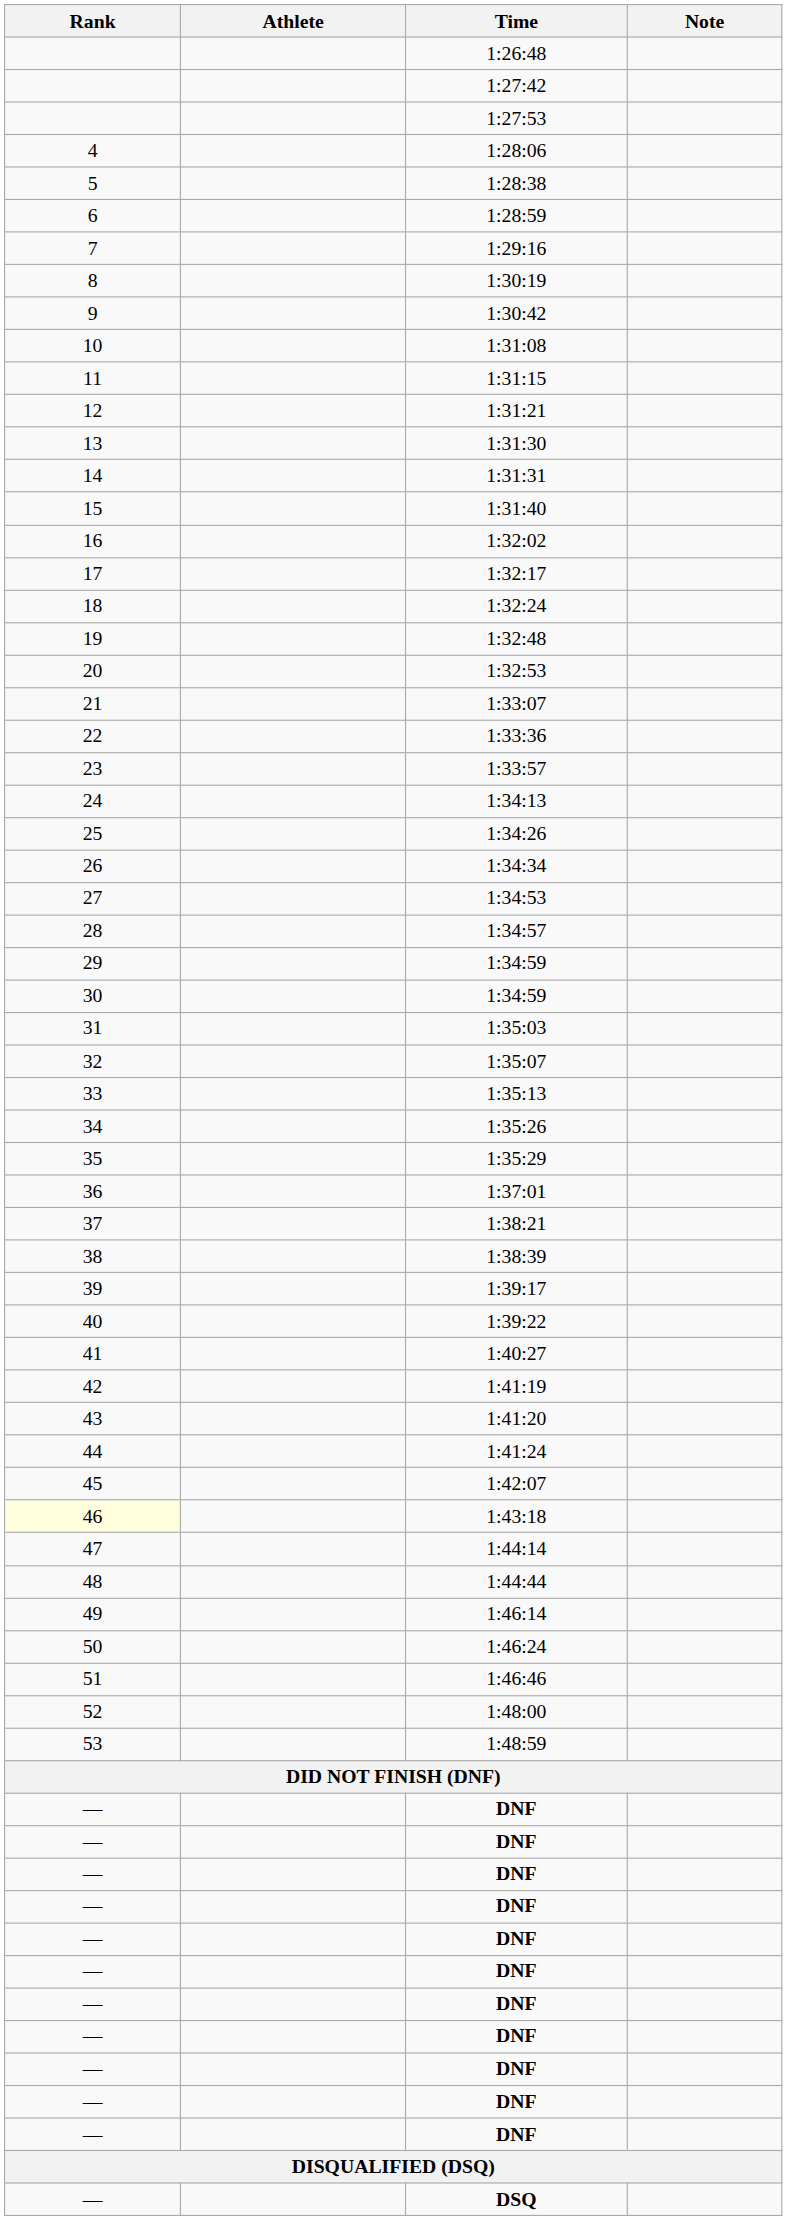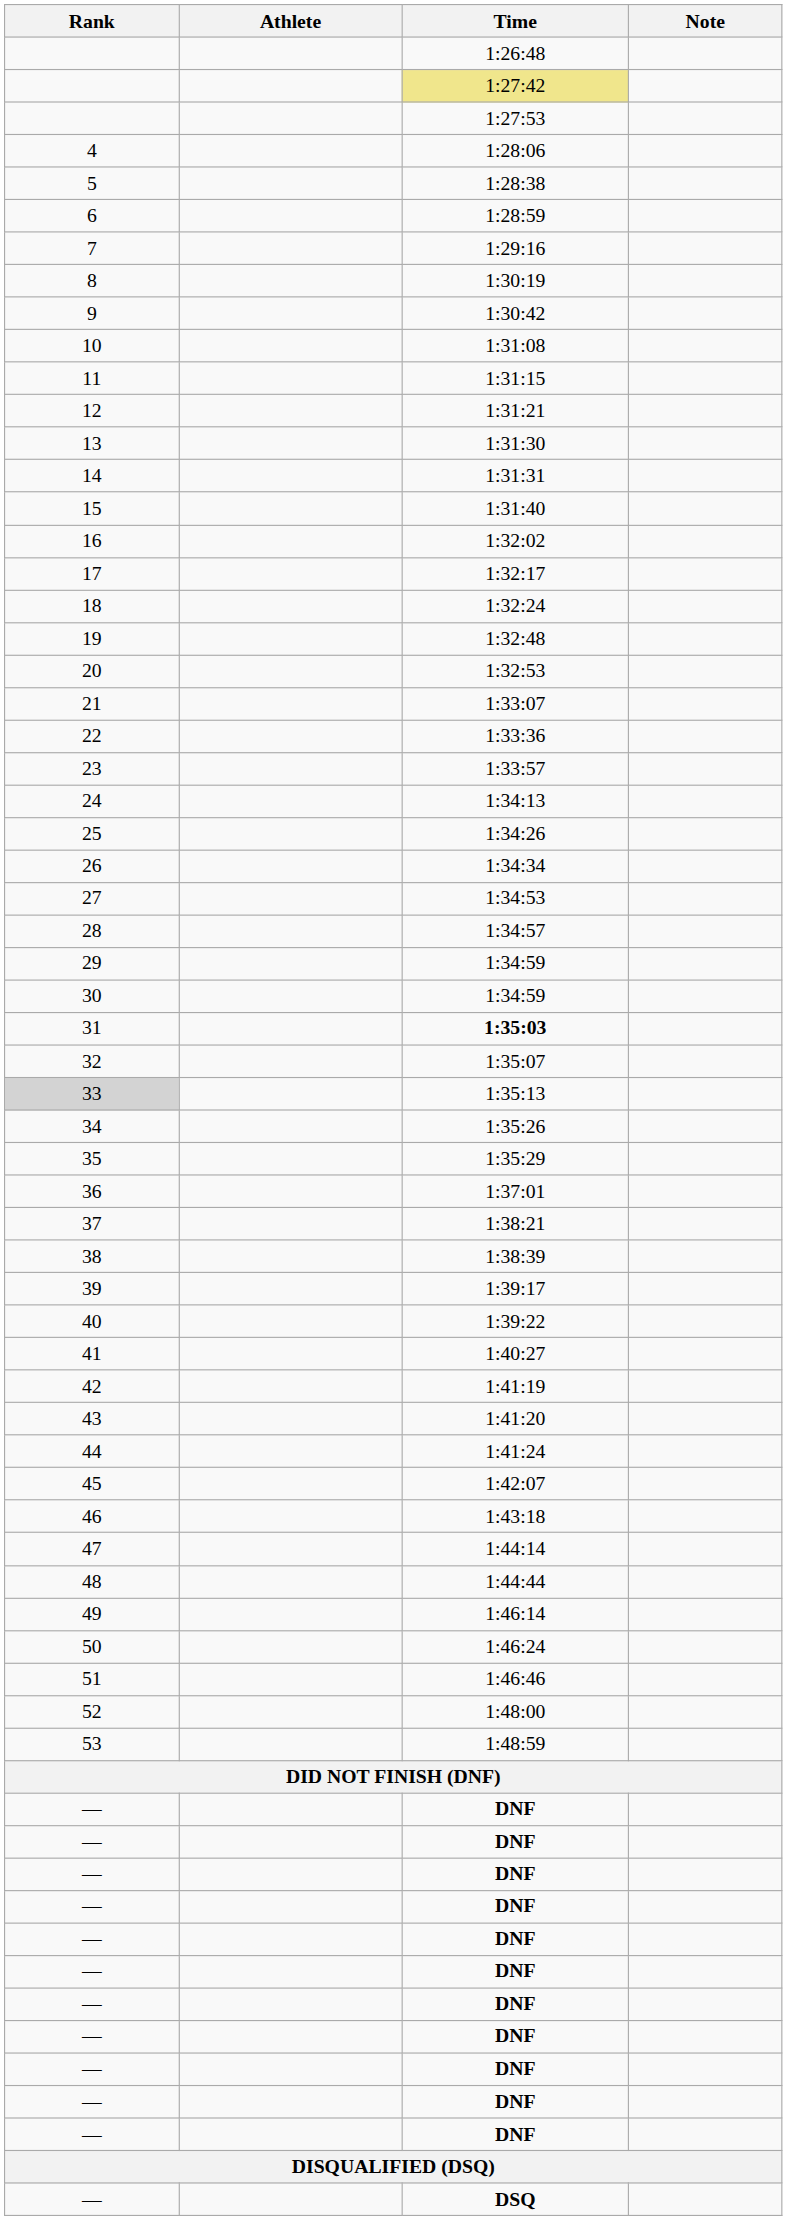 <table class="wikitable" style=" text-align:center; font-size:110%;" width="55%">
 <tr>
 <th>Rank</th>
 <th>Athlete</th>
 <th>Time</th>
 <th>Note</th>
 </tr>
 <tr>
 <td></td>
 <td align=left></td>
 <td>1:26:48</td>
 <td></td>
 </tr>
 <tr>
 <td></td>
 <td align=left></td>
-<td>1:27:42</td>
+<td style="background: khaki;">1:27:42</td>
 <td></td>
 </tr>
 <tr>
 <td></td>
 <td align=left></td>
 <td>1:27:53</td>
 <td></td>
 </tr>
 <tr>
 <td>4</td>
 <td align=left></td>
 <td>1:28:06</td>
 <td></td>
 </tr>
 <tr>
 <td>5</td>
 <td align=left></td>
 <td>1:28:38</td>
 <td></td>
 </tr>
 <tr>
 <td>6</td>
 <td align=left></td>
 <td>1:28:59</td>
 <td></td>
 </tr>
 <tr>
 <td>7</td>
 <td align=left></td>
 <td>1:29:16</td>
 <td></td>
 </tr>
 <tr>
 <td>8</td>
 <td align=left></td>
 <td>1:30:19</td>
 <td></td>
 </tr>
 <tr>
 <td>9</td>
 <td align=left></td>
 <td>1:30:42</td>
 <td></td>
 </tr>
 <tr>
 <td>10</td>
 <td align=left></td>
 <td>1:31:08</td>
 <td></td>
 </tr>
 <tr>
 <td>11</td>
 <td align=left></td>
 <td>1:31:15</td>
 <td></td>
 </tr>
 <tr>
 <td>12</td>
 <td align=left></td>
 <td>1:31:21</td>
 <td></td>
 </tr>
 <tr>
 <td>13</td>
 <td align=left></td>
 <td>1:31:30</td>
 <td></td>
 </tr>
 <tr>
 <td>14</td>
 <td align=left></td>
 <td>1:31:31</td>
 <td></td>
 </tr>
 <tr>
 <td>15</td>
 <td align=left></td>
 <td>1:31:40</td>
 <td></td>
 </tr>
 <tr>
 <td>16</td>
 <td align=left></td>
 <td>1:32:02</td>
 <td></td>
 </tr>
 <tr>
 <td>17</td>
 <td align=left></td>
 <td>1:32:17</td>
 <td></td>
 </tr>
 <tr>
 <td>18</td>
 <td align=left></td>
 <td>1:32:24</td>
 <td></td>
 </tr>
 <tr>
 <td>19</td>
 <td align=left></td>
 <td>1:32:48</td>
 <td></td>
 </tr>
 <tr>
 <td>20</td>
 <td align=left></td>
 <td>1:32:53</td>
 <td></td>
 </tr>
 <tr>
 <td>21</td>
 <td align=left></td>
 <td>1:33:07</td>
 <td></td>
 </tr>
 <tr>
 <td>22</td>
 <td align=left></td>
 <td>1:33:36</td>
 <td></td>
 </tr>
 <tr>
 <td>23</td>
 <td align=left></td>
 <td>1:33:57</td>
 <td></td>
 </tr>
 <tr>
 <td>24</td>
 <td align=left></td>
 <td>1:34:13</td>
 <td></td>
 </tr>
 <tr>
 <td>25</td>
 <td align=left></td>
 <td>1:34:26</td>
 <td></td>
 </tr>
 <tr>
 <td>26</td>
 <td align=left></td>
 <td>1:34:34</td>
 <td></td>
 </tr>
 <tr>
 <td>27</td>
 <td align=left></td>
 <td>1:34:53</td>
 <td></td>
 </tr>
 <tr>
 <td>28</td>
 <td align=left></td>
 <td>1:34:57</td>
 <td></td>
 </tr>
 <tr>
 <td>29</td>
 <td align=left></td>
 <td>1:34:59</td>
 <td></td>
 </tr>
 <tr>
 <td>30</td>
 <td align=left></td>
 <td>1:34:59</td>
 <td></td>
 </tr>
 <tr>
 <td>31</td>
 <td align=left></td>
-<td>1:35:03</td>
+<td><strong>1:35:03</strong></td>
 <td></td>
 </tr>
 <tr>
 <td>32</td>
 <td align=left></td>
 <td>1:35:07</td>
 <td></td>
 </tr>
 <tr>
-<td>33</td>
+<td style="background: lightgrey;">33</td>
 <td align=left></td>
 <td>1:35:13</td>
 <td></td>
 </tr>
 <tr>
 <td>34</td>
 <td align=left></td>
 <td>1:35:26</td>
 <td></td>
 </tr>
 <tr>
 <td>35</td>
 <td align=left></td>
 <td>1:35:29</td>
 <td></td>
 </tr>
 <tr>
 <td>36</td>
 <td align=left></td>
 <td>1:37:01</td>
 <td></td>
 </tr>
 <tr>
 <td>37</td>
 <td align=left></td>
 <td>1:38:21</td>
 <td></td>
 </tr>
 <tr>
 <td>38</td>
 <td align=left></td>
 <td>1:38:39</td>
 <td></td>
 </tr>
 <tr>
 <td>39</td>
 <td align=left></td>
 <td>1:39:17</td>
 <td></td>
 </tr>
 <tr>
 <td>40</td>
 <td align=left></td>
 <td>1:39:22</td>
 <td></td>
 </tr>
 <tr>
 <td>41</td>
 <td align=left></td>
 <td>1:40:27</td>
 <td></td>
 </tr>
 <tr>
 <td>42</td>
 <td align=left></td>
 <td>1:41:19</td>
 <td></td>
 </tr>
 <tr>
 <td>43</td>
 <td align=left></td>
 <td>1:41:20</td>
 <td></td>
 </tr>
 <tr>
 <td>44</td>
 <td align=left></td>
 <td>1:41:24</td>
 <td></td>
 </tr>
 <tr>
 <td>45</td>
 <td align=left></td>
 <td>1:42:07</td>
 <td></td>
 </tr>
 <tr>
-<td style="background: lightyellow;">46</td>
+<td>46</td>
 <td align=left></td>
 <td>1:43:18</td>
 <td></td>
 </tr>
 <tr>
 <td>47</td>
 <td align=left></td>
 <td>1:44:14</td>
 <td></td>
 </tr>
 <tr>
 <td>48</td>
 <td align=left></td>
 <td>1:44:44</td>
 <td></td>
 </tr>
 <tr>
 <td>49</td>
 <td align=left></td>
 <td>1:46:14</td>
 <td></td>
 </tr>
 <tr>
 <td>50</td>
 <td align=left></td>
 <td>1:46:24</td>
 <td></td>
 </tr>
 <tr>
 <td>51</td>
 <td align=left></td>
 <td>1:46:46</td>
 <td></td>
 </tr>
 <tr>
 <td>52</td>
 <td align=left></td>
 <td>1:48:00</td>
 <td></td>
 </tr>
 <tr>
 <td>53</td>
 <td align=left></td>
 <td>1:48:59</td>
 <td></td>
 </tr>
 <tr>
 <th colspan="4">DID NOT FINISH (DNF)</th>
 </tr>
 <tr>
 <td>—</td>
 <td align=left></td>
 <td><strong>DNF</strong></td>
 <td></td>
 </tr>
 <tr>
 <td>—</td>
 <td align=left></td>
 <td><strong>DNF</strong></td>
 <td></td>
 </tr>
 <tr>
 <td>—</td>
 <td align=left></td>
 <td><strong>DNF</strong></td>
 <td></td>
 </tr>
 <tr>
 <td>—</td>
 <td align=left></td>
 <td><strong>DNF</strong></td>
 <td></td>
 </tr>
 <tr>
 <td>—</td>
 <td align=left></td>
 <td><strong>DNF</strong></td>
 <td></td>
 </tr>
 <tr>
 <td>—</td>
 <td align=left></td>
 <td><strong>DNF</strong></td>
 <td></td>
 </tr>
 <tr>
 <td>—</td>
 <td align=left></td>
 <td><strong>DNF</strong></td>
 <td></td>
 </tr>
 <tr>
 <td>—</td>
 <td align=left></td>
 <td><strong>DNF</strong></td>
 <td></td>
 </tr>
 <tr>
 <td>—</td>
 <td align=left></td>
 <td><strong>DNF</strong></td>
 <td></td>
 </tr>
 <tr>
 <td>—</td>
 <td align=left></td>
 <td><strong>DNF</strong></td>
 <td></td>
 </tr>
 <tr>
 <td>—</td>
 <td align=left></td>
 <td><strong>DNF</strong></td>
 <td></td>
 </tr>
 <tr>
 <th colspan="4">DISQUALIFIED (DSQ)</th>
 </tr>
 <tr>
 <td>—</td>
 <td align=left></td>
 <td><strong>DSQ</strong></td>
 <td></td>
 </tr>
 </table>
